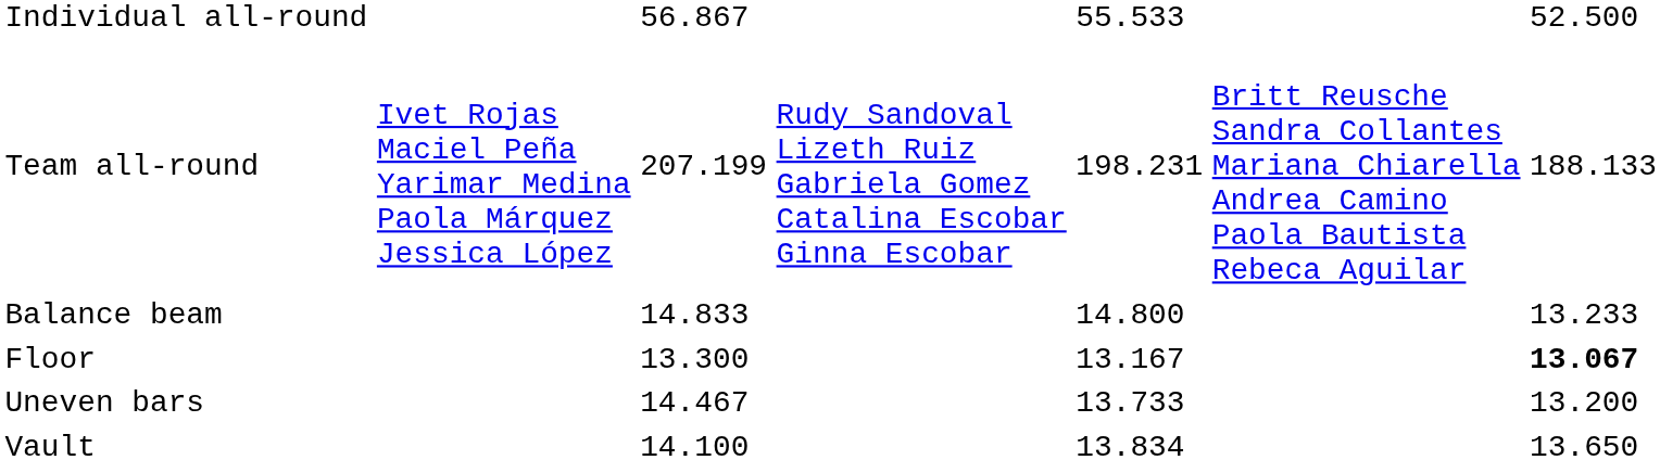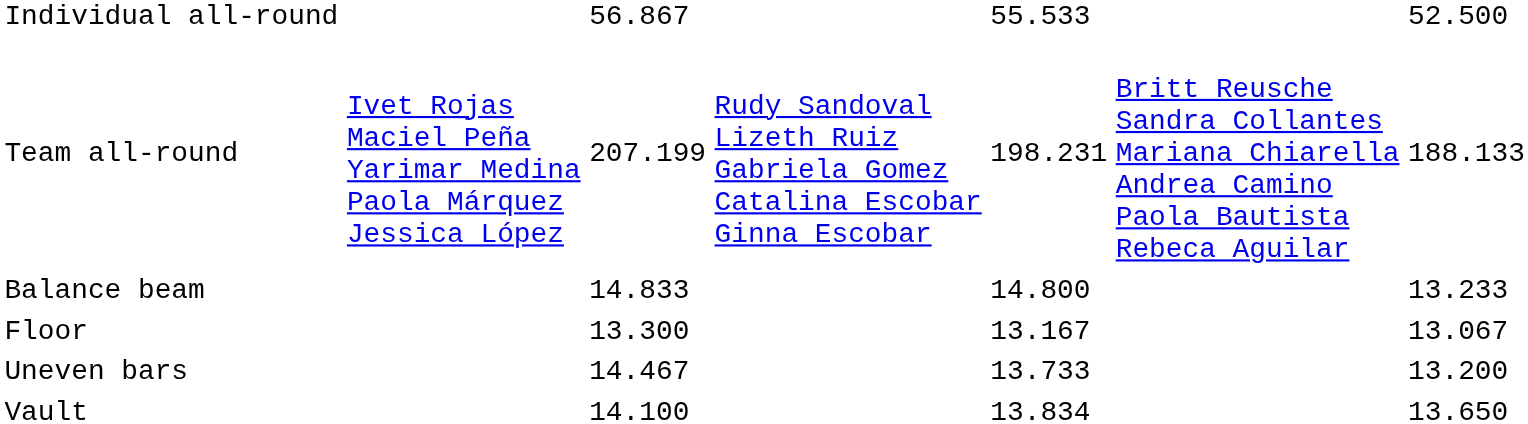 <table>
 <tr>
 <td>Individual all-round</td>
 <td></td>
 <td>56.867</td>
 <td></td>
 <td>55.533</td>
 <td></td>
 <td>52.500</td>
 </tr>
 <tr>
 <td>Team all-round</td>
 <td><br><a href='#'>Ivet Rojas</a><br><a href='#'>Maciel Peña</a><br><a href='#'>Yarimar Medina</a><br><a href='#'>Paola Márquez</a><br><a href='#'>Jessica López</a></td>
 <td>207.199</td>
 <td><br><a href='#'>Rudy Sandoval</a><br><a href='#'>Lizeth Ruiz</a><br><a href='#'>Gabriela Gomez</a><br><a href='#'>Catalina Escobar</a><br><a href='#'>Ginna Escobar</a></td>
 <td>198.231</td>
 <td><br><a href='#'>Britt Reusche</a><br><a href='#'>Sandra Collantes</a><br><a href='#'>Mariana Chiarella</a><br><a href='#'>Andrea Camino</a><br><a href='#'>Paola Bautista</a><br><a href='#'>Rebeca Aguilar</a></td>
 <td>188.133</td>
 </tr>
 <tr>
 <td>Balance beam</td>
 <td></td>
 <td>14.833</td>
 <td></td>
 <td>14.800</td>
 <td></td>
 <td>13.233</td>
 </tr>
 <tr>
 <td>Floor</td>
 <td></td>
 <td>13.300</td>
 <td></td>
 <td>13.167</td>
 <td></td>
-<td><strong>13.067</strong></td>
+<td>13.067</td>
 </tr>
 <tr>
 <td>Uneven bars</td>
 <td></td>
 <td>14.467</td>
 <td></td>
 <td>13.733</td>
 <td></td>
 <td>13.200</td>
 </tr>
 <tr>
 <td>Vault</td>
 <td></td>
 <td>14.100</td>
 <td></td>
 <td>13.834</td>
 <td></td>
 <td>13.650</td>
 </tr>
 </table>
